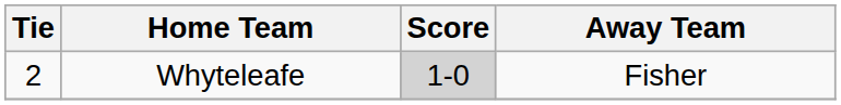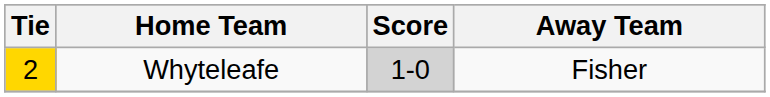 <table class="wikitable" style="text-align:center;">
 <tr>
 <th width=20>Tie</th>
 <th width=175>Home Team</th>
 <th width=20>Score</th>
 <th width=175>Away Team</th>
 </tr>
 <tr>
-<td>2</td>
+<td style="background: gold;">2</td>
 <td>Whyteleafe</td>
 <td style="background: lightgrey;">1-0</td>
 <td>Fisher</td>
 </tr>
 <tr>
 </tr>
 </table>
